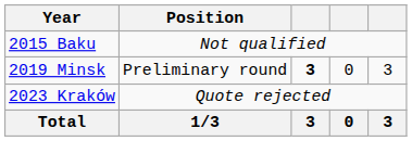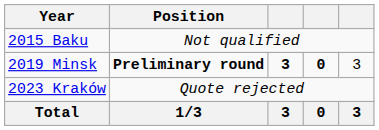 <table class="wikitable" style="text-align: center;">
 <tr>
 <th>Year</th>
 <th>Position</th>
 <th width=25px></th>
 <th width=25px></th>
 <th width=25px></th>
 </tr>
 <tr>
 <td style="text-align: left;"> <a href='#'>2015 Baku</a></td>
 <td colspan=4><em>Not qualified</em></td>
 </tr>
 <tr>
 <td style="text-align: left;"> <a href='#'>2019 Minsk</a></td>
-<td>Preliminary round</td>
+<td><strong>Preliminary round</strong></td>
 <td><strong>3</strong></td>
-<td>0</td>
+<td><strong>0</strong></td>
 <td>3</td>
 </tr>
 <tr>
 <td style="text-align: left;"> <a href='#'>2023 Kraków</a></td>
 <td colspan=4><em>Quote rejected</em></td>
 </tr>
 <tr>
 <th>Total</th>
 <th>1/3</th>
 <th>3</th>
 <th>0</th>
 <th>3</th>
 </tr>
 </table>
